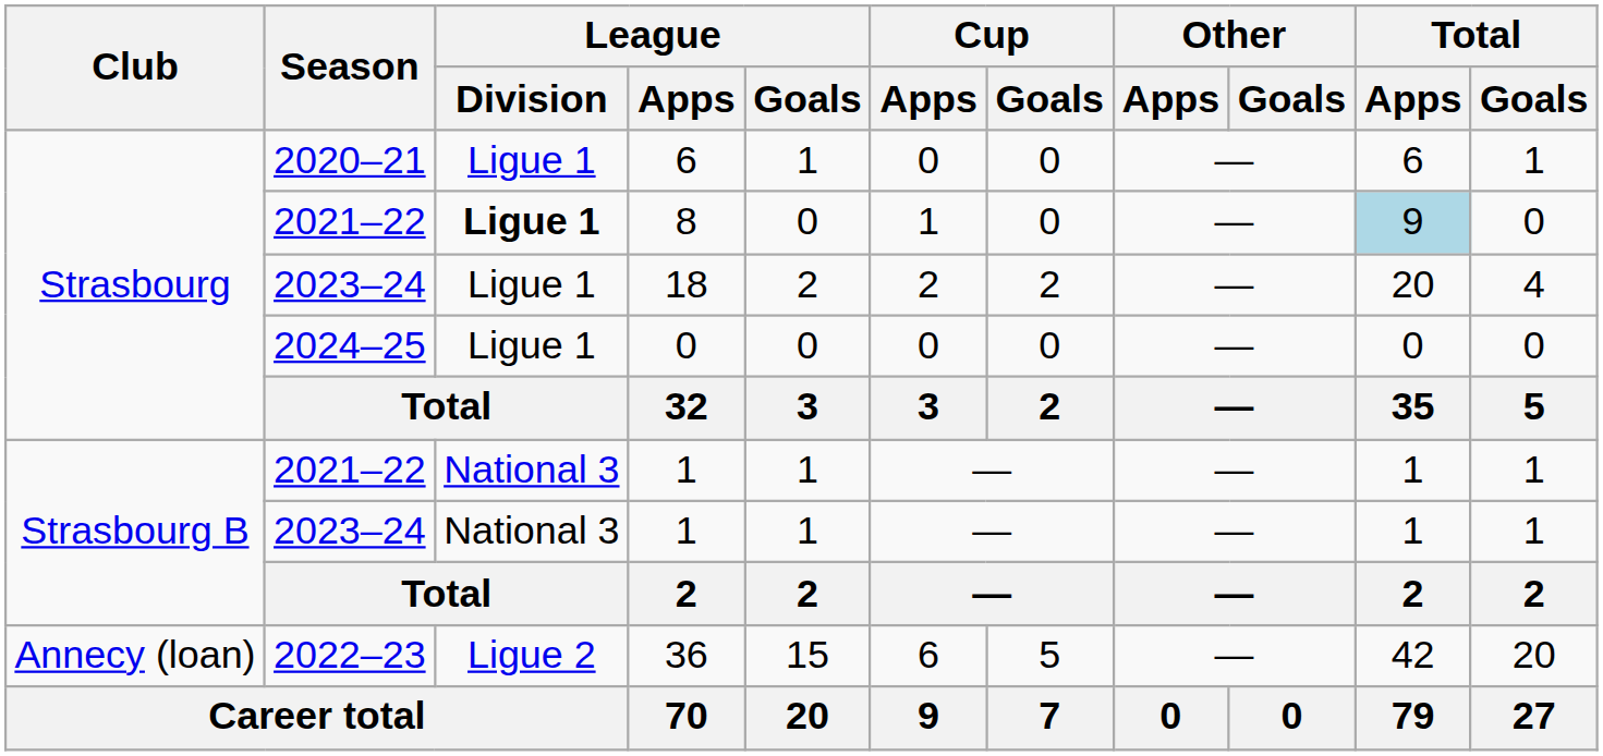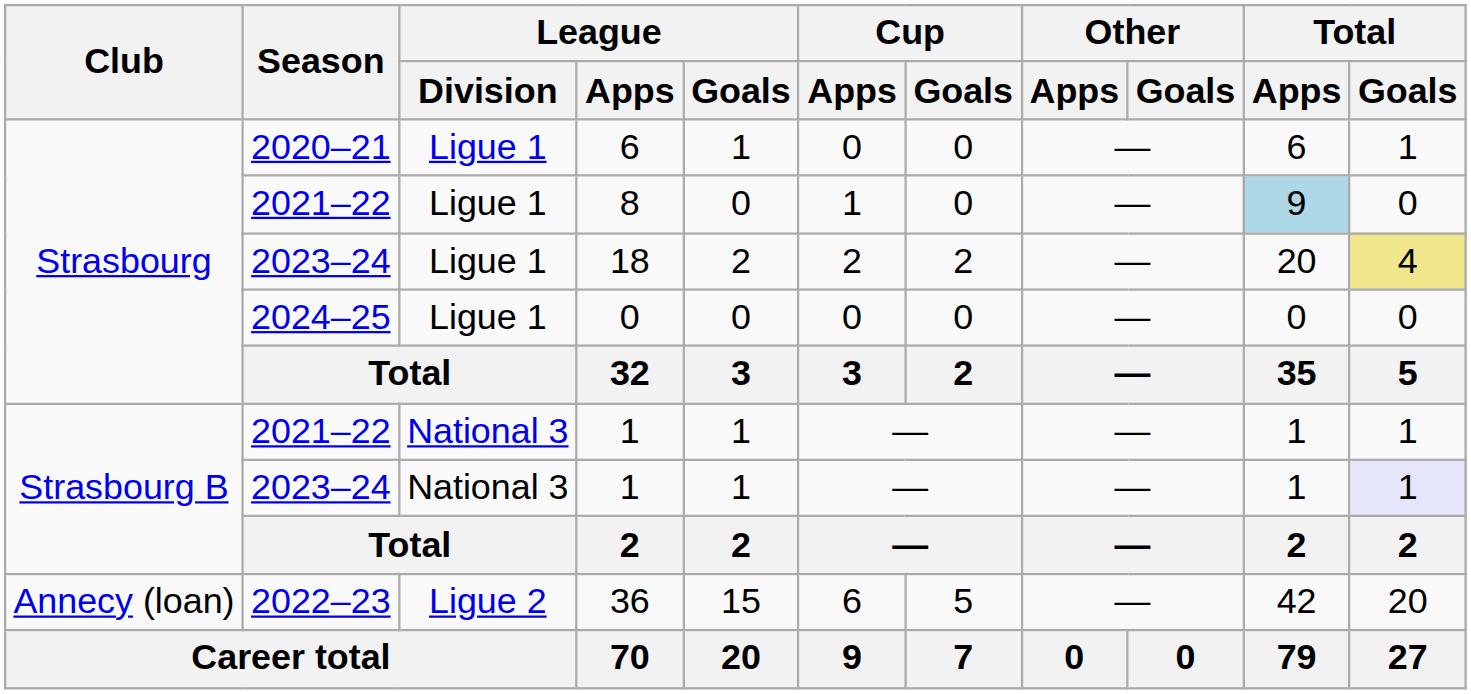 <table class="wikitable" style="text-align:center">
 <tr>
 <th rowspan="2">Club</th>
 <th rowspan="2">Season</th>
 <th colspan="3">League</th>
 <th colspan="2">Cup</th>
 <th colspan="2">Other</th>
 <th colspan="2">Total</th>
 </tr>
 <tr>
 <th>Division</th>
 <th>Apps</th>
 <th>Goals</th>
 <th>Apps</th>
 <th>Goals</th>
 <th>Apps</th>
 <th>Goals</th>
 <th>Apps</th>
 <th>Goals</th>
 </tr>
 <tr>
 <td rowspan="5"><a href='#'>Strasbourg</a></td>
 <td><a href='#'>2020–21</a></td>
 <td><a href='#'>Ligue 1</a></td>
 <td>6</td>
 <td>1</td>
 <td>0</td>
 <td>0</td>
 <td colspan="2">—</td>
 <td>6</td>
 <td>1</td>
 </tr>
 <tr>
 <td><a href='#'>2021–22</a></td>
-<td><strong>Ligue 1</strong></td>
+<td>Ligue 1</td>
 <td>8</td>
 <td>0</td>
 <td>1</td>
 <td>0</td>
 <td colspan="2">—</td>
 <td style="background: lightblue;">9</td>
 <td>0</td>
 </tr>
 <tr>
 <td><a href='#'>2023–24</a></td>
 <td>Ligue 1</td>
 <td>18</td>
 <td>2</td>
 <td>2</td>
 <td>2</td>
 <td colspan="2">—</td>
 <td>20</td>
-<td>4</td>
+<td style="background: khaki;">4</td>
 </tr>
 <tr>
 <td><a href='#'>2024–25</a></td>
 <td>Ligue 1</td>
 <td>0</td>
 <td>0</td>
 <td>0</td>
 <td>0</td>
 <td colspan="2">—</td>
 <td>0</td>
 <td>0</td>
 </tr>
 <tr>
 <th colspan="2">Total</th>
 <th>32</th>
 <th>3</th>
 <th>3</th>
 <th>2</th>
 <th colspan="2">—</th>
 <th>35</th>
 <th>5</th>
 </tr>
 <tr>
 <td rowspan="3"><a href='#'>Strasbourg B</a></td>
 <td><a href='#'>2021–22</a></td>
 <td><a href='#'>National 3</a></td>
 <td>1</td>
 <td>1</td>
 <td colspan="2">—</td>
 <td colspan="2">—</td>
 <td>1</td>
 <td>1</td>
 </tr>
 <tr>
 <td><a href='#'>2023–24</a></td>
 <td>National 3</td>
 <td>1</td>
 <td>1</td>
 <td colspan="2">—</td>
 <td colspan="2">—</td>
 <td>1</td>
-<td>1</td>
+<td style="background: lavender;">1</td>
 </tr>
 <tr>
 <th colspan="2">Total</th>
 <th>2</th>
 <th>2</th>
 <th colspan="2">—</th>
 <th colspan="2">—</th>
 <th>2</th>
 <th>2</th>
 </tr>
 <tr>
 <td><a href='#'>Annecy</a> (loan)</td>
 <td><a href='#'>2022–23</a></td>
 <td><a href='#'>Ligue 2</a></td>
 <td>36</td>
 <td>15</td>
 <td>6</td>
 <td>5</td>
 <td colspan="2">—</td>
 <td>42</td>
 <td>20</td>
 </tr>
 <tr>
 <th colspan="3">Career total</th>
 <th>70</th>
 <th>20</th>
 <th>9</th>
 <th>7</th>
 <th>0</th>
 <th>0</th>
 <th>79</th>
 <th>27</th>
 </tr>
 </table>
